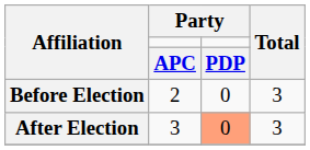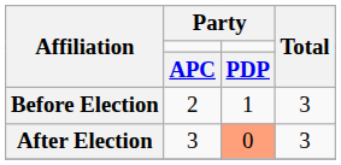 <table class="wikitable" style="text-align:center">
 <tr>
 <th rowspan="3">Affiliation</th>
 <th colspan="2">Party</th>
 <th rowspan="3">Total</th>
 </tr>
 <tr>
 <td style="background-color:"></td>
 <td style="background-color:"></td>
 </tr>
 <tr>
 <th><a href='#'>APC</a></th>
 <th><a href='#'>PDP</a></th>
 </tr>
 <tr>
 <th>Before Election</th>
 <td>2</td>
-<td>0</td>
+<td>1</td>
 <td>3</td>
 </tr>
 <tr>
 <th>After Election</th>
 <td>3</td>
 <td style="background: lightsalmon;">0</td>
 <td>3</td>
 </tr>
 <tr>
 </tr>
 </table>
